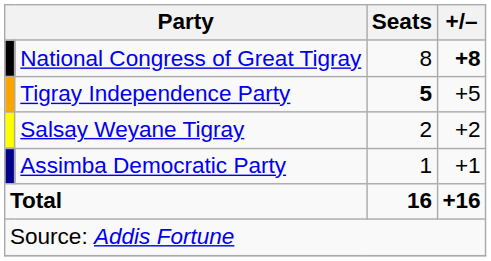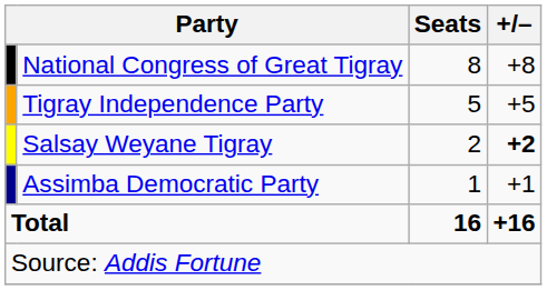 <table class=wikitable style=text-align:right>
 <tr>
 <th colspan=2>Party</th>
 <th>Seats</th>
 <th>+/–</th>
 </tr>
 <tr>
 <td style="background-color:black"></td>
 <td align=left><a href='#'>National Congress of Great Tigray</a></td>
 <td>8</td>
-<td><strong>+8</strong></td>
+<td>+8</td>
 </tr>
 <tr>
 <td style="background-color:orange"></td>
 <td align=left><a href='#'>Tigray Independence Party</a></td>
-<td><strong>5</strong></td>
+<td>5</td>
 <td>+5</td>
 </tr>
 <tr>
 <td style="background-color:yellow"></td>
 <td align=left><a href='#'>Salsay Weyane Tigray</a></td>
 <td>2</td>
-<td>+2</td>
+<td><strong>+2</strong></td>
 </tr>
 <tr>
 <td style="background-color:darkblue"></td>
 <td align=left><a href='#'>Assimba Democratic Party</a></td>
 <td>1</td>
 <td>+1</td>
 </tr>
 <tr>
 <td align=left colspan=2><strong>Total</strong></td>
 <td><strong>16</strong></td>
 <td><strong>+16</strong></td>
 </tr>
 <tr>
 <td align=left colspan="6">Source: <em><a href='#'>Addis Fortune</a></em></td>
 </tr>
 <tr>
 </tr>
 </table>
